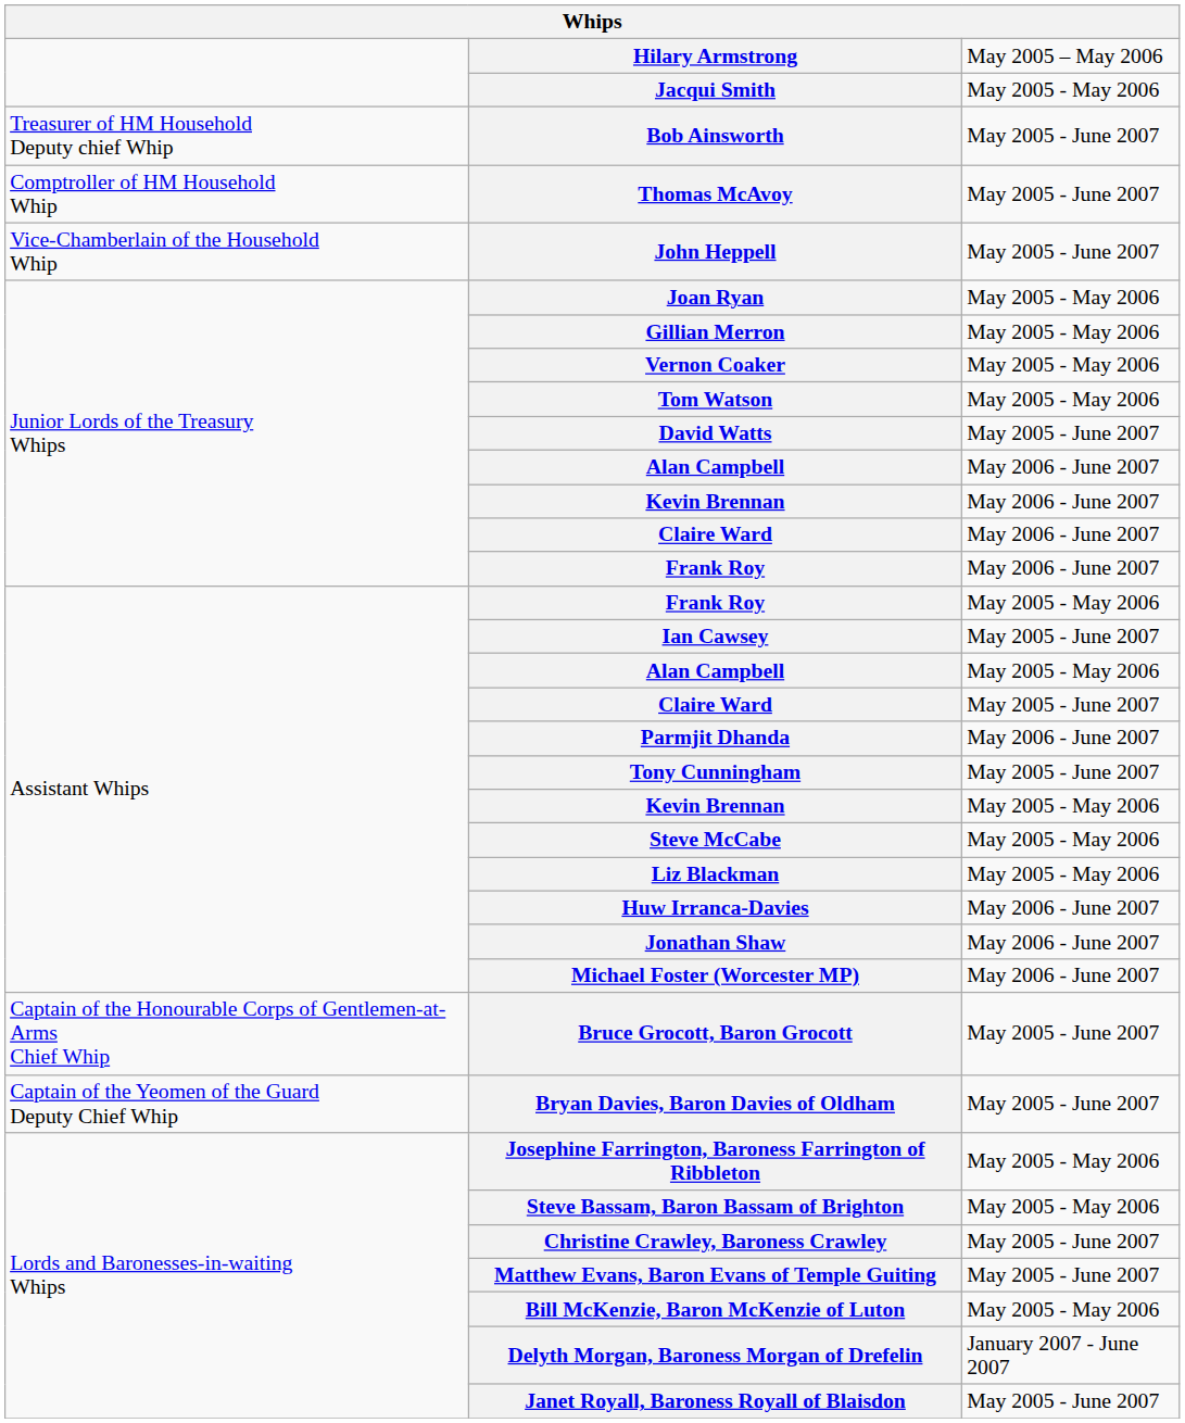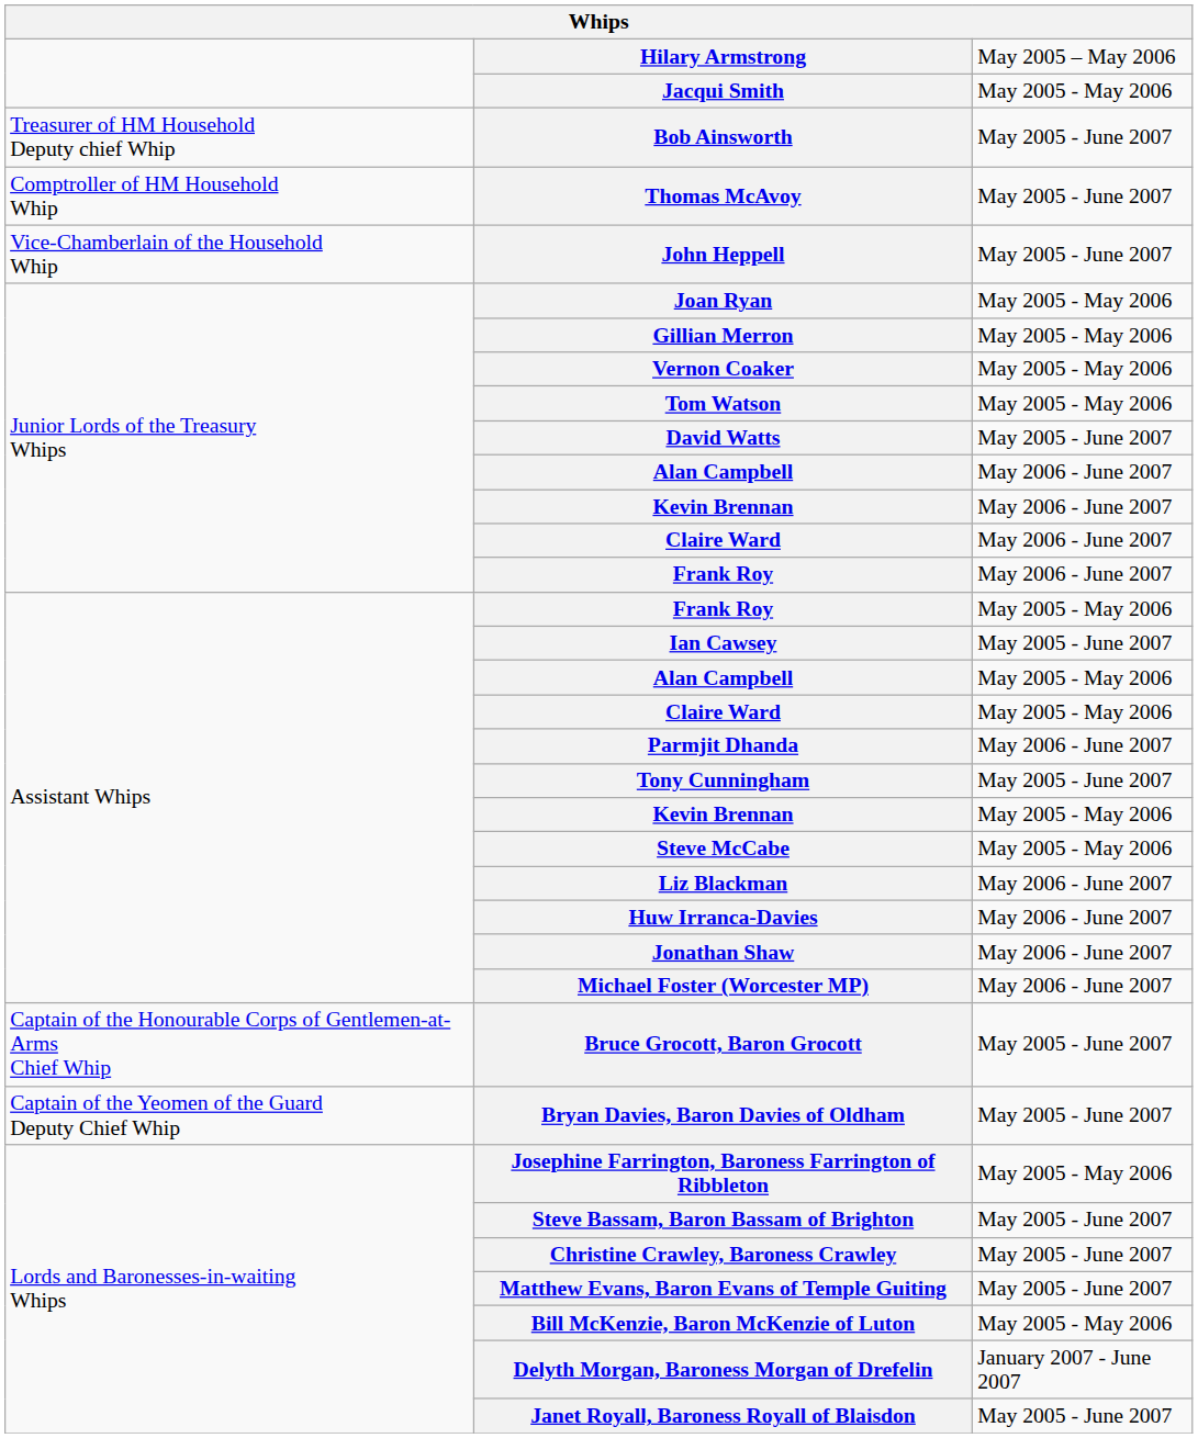 <table class="wikitable plainrowheaders" width=100% style="max-width:55em;">
 <tr>
 <th colspan=4>Whips</th>
 </tr>
 <tr>
 <td rowspan="2"></td>
 <th scope="row" style="font-weight:bold;"><a href='#'>Hilary Armstrong</a></th>
 <td>May 2005 – May 2006</td>
 </tr>
 <tr>
 <th scope="row" style="font-weight:bold;"><a href='#'>Jacqui Smith</a></th>
 <td>May 2005 - May 2006</td>
 </tr>
 <tr>
 <td><a href='#'>Treasurer of HM Household</a><br> Deputy chief Whip</td>
 <th scope="row"><a href='#'>Bob Ainsworth</a></th>
 <td>May 2005 - June 2007</td>
 </tr>
 <tr>
 <td><a href='#'>Comptroller of HM Household</a><br>Whip</td>
 <th scope="row"><a href='#'>Thomas McAvoy</a></th>
 <td>May 2005 - June 2007</td>
 </tr>
 <tr>
 <td><a href='#'>Vice-Chamberlain of the Household</a><br>Whip</td>
 <th scope="row"><a href='#'>John Heppell</a></th>
 <td>May 2005 - June 2007</td>
 </tr>
 <tr>
 <td rowspan="9"><a href='#'>Junior Lords of the Treasury</a><br>Whips</td>
 <th scope="row"><a href='#'>Joan Ryan</a></th>
 <td>May 2005 - May 2006</td>
 </tr>
 <tr>
 <th scope="row"><a href='#'>Gillian Merron</a></th>
 <td>May 2005 - May 2006</td>
 </tr>
 <tr>
 <th scope="row"><a href='#'>Vernon Coaker</a></th>
 <td>May 2005 - May 2006</td>
 </tr>
 <tr>
 <th scope="row"><a href='#'>Tom Watson</a></th>
 <td>May 2005 - May 2006</td>
 </tr>
 <tr>
 <th scope="row"><a href='#'>David Watts</a></th>
 <td>May 2005 - June 2007</td>
 </tr>
 <tr>
 <th scope="row"><a href='#'>Alan Campbell</a></th>
 <td>May 2006 - June 2007</td>
 </tr>
 <tr>
 <th scope="row"><a href='#'>Kevin Brennan</a></th>
 <td>May 2006 - June 2007</td>
 </tr>
 <tr>
 <th scope="row"><a href='#'>Claire Ward</a></th>
 <td>May 2006 - June 2007</td>
 </tr>
 <tr>
 <th scope="row"><a href='#'>Frank Roy</a></th>
 <td>May 2006 - June 2007</td>
 </tr>
 <tr>
 <td rowspan="12">Assistant Whips</td>
 <th scope="row"><a href='#'>Frank Roy</a></th>
 <td>May 2005 - May 2006</td>
 </tr>
 <tr>
 <th scope="row"><a href='#'>Ian Cawsey</a></th>
 <td>May 2005 - June 2007</td>
 </tr>
 <tr>
 <th scope="row"><a href='#'>Alan Campbell</a></th>
 <td>May 2005 - May 2006</td>
 </tr>
 <tr>
 <th scope="row"><a href='#'>Claire Ward</a></th>
-<td>May 2005 - June 2007</td>
+<td>May 2005 - May 2006</td>
 </tr>
 <tr>
 <th scope="row"><a href='#'>Parmjit Dhanda</a></th>
 <td>May 2006 - June 2007</td>
 </tr>
 <tr>
 <th scope="row"><a href='#'>Tony Cunningham</a></th>
 <td>May 2005 - June 2007</td>
 </tr>
 <tr>
 <th scope="row"><a href='#'>Kevin Brennan</a></th>
 <td>May 2005 - May 2006</td>
 </tr>
 <tr>
 <th scope="row"><a href='#'>Steve McCabe</a></th>
 <td>May 2005 - May 2006</td>
 </tr>
 <tr>
 <th scope="row"><a href='#'>Liz Blackman</a></th>
-<td>May 2005 - May 2006</td>
+<td>May 2006 - June 2007</td>
 </tr>
 <tr |>
 <th scope="row"><a href='#'>Huw Irranca-Davies</a></th>
 <td>May 2006 - June 2007</td>
 </tr>
 <tr>
 <th scope="row"><a href='#'>Jonathan Shaw</a></th>
 <td>May 2006 - June 2007</td>
 </tr>
 <tr>
 <th scope="row"><a href='#'>Michael Foster (Worcester MP)</a></th>
 <td>May 2006 - June 2007</td>
 </tr>
 <tr>
 <td><a href='#'>Captain of the Honourable Corps of Gentlemen-at-Arms</a><br><a href='#'>Chief Whip</a></td>
 <th scope="row"><a href='#'>Bruce Grocott, Baron Grocott</a></th>
 <td>May 2005 - June 2007</td>
 </tr>
 <tr>
 <td><a href='#'>Captain of the Yeomen of the Guard</a><br>Deputy Chief Whip</td>
 <th scope="row"><a href='#'>Bryan Davies, Baron Davies of Oldham</a></th>
 <td>May 2005 - June 2007</td>
 </tr>
 <tr>
 <td rowspan="7"><a href='#'>Lords and Baronesses-in-waiting</a><br>Whips</td>
 <th scope="row"><a href='#'>Josephine Farrington, Baroness Farrington of Ribbleton</a></th>
 <td>May 2005 - May 2006</td>
 </tr>
 <tr>
 <th scope="row"><a href='#'>Steve Bassam, Baron Bassam of Brighton</a></th>
-<td>May 2005 - May 2006</td>
+<td>May 2005 - June 2007</td>
 </tr>
 <tr>
 <th scope="row"><a href='#'>Christine Crawley, Baroness Crawley</a></th>
 <td>May 2005 - June 2007</td>
 </tr>
 <tr>
 <th scope="row"><a href='#'>Matthew Evans, Baron Evans of Temple Guiting</a></th>
 <td>May 2005 - June 2007</td>
 </tr>
 <tr>
 <th scope="row"><a href='#'>Bill McKenzie, Baron McKenzie of Luton</a></th>
 <td>May 2005 - May 2006</td>
 </tr>
 <tr>
 <th scope="row"><a href='#'>Delyth Morgan, Baroness Morgan of Drefelin</a></th>
 <td>January 2007 - June 2007</td>
 </tr>
 <tr>
 <th scope="row"><a href='#'>Janet Royall, Baroness Royall of Blaisdon</a></th>
 <td>May 2005 - June 2007</td>
 </tr>
 </table>
